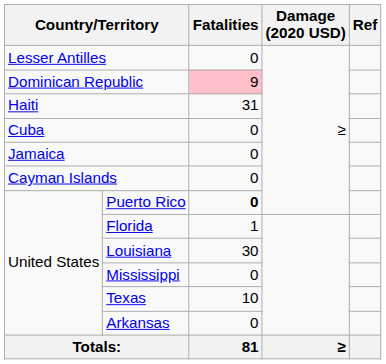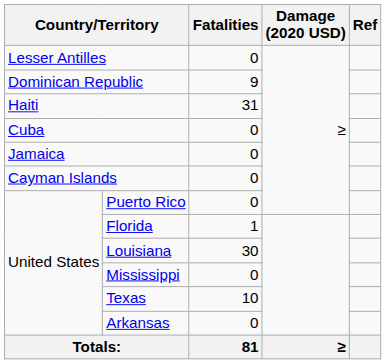 <table class="wikitable sortable floatright">
 <tr>
 <th colspan="2">Country/Territory</th>
 <th>Fatalities</th>
 <th>Damage<br>(2020 USD)</th>
 <th class="unsortable">Ref</th>
 </tr>
 <tr style="text-align:right;">
 <td colspan="2" scope="row" style="text-align: left;"><a href='#'>Lesser Antilles</a></td>
 <td>0</td>
 <td rowspan=7>≥</td>
 <td></td>
 </tr>
 <tr style="text-align:right;">
 <td colspan="2" scope="row" style="text-align: left;"><a href='#'>Dominican Republic</a></td>
-<td style="background: pink;">9</td>
+<td>9</td>
 <td></td>
 </tr>
 <tr style="text-align:right;">
 <td colspan="2" scope="row" style="text-align: left;"><a href='#'>Haiti</a></td>
 <td>31</td>
 <td></td>
 </tr>
 <tr style="text-align:right;">
 <td colspan="2" scope="row" style="text-align: left;"><a href='#'>Cuba</a></td>
 <td>0</td>
 <td></td>
 </tr>
 <tr style="text-align:right;">
 <td colspan="2" scope="row" style="text-align: left;"><a href='#'>Jamaica</a></td>
 <td>0</td>
 <td></td>
 </tr>
 <tr style="text-align:right;">
 <td colspan="2" scope="row" style="text-align: left;"><a href='#'>Cayman Islands</a></td>
 <td>0</td>
 <td></td>
 </tr>
 <tr style="text-align:right;">
 <td rowspan="6" scope="row" style="text-align: left;">United States</td>
 <td scope="row" style="text-align: left;"><a href='#'>Puerto Rico</a></td>
-<td><strong>0</strong></td>
+<td>0</td>
 <td></td>
 </tr>
 <tr style="text-align:right;">
 <td scope="row" style="text-align: left;"><a href='#'>Florida</a></td>
 <td>1</td>
 <td rowspan=5></td>
 <td></td>
 </tr>
 <tr style="text-align:right;">
 <td scope="row" style="text-align: left;"><a href='#'>Louisiana</a></td>
 <td>30</td>
 <td></td>
 </tr>
 <tr style="text-align:right;">
 <td scope="row" style="text-align: left;"><a href='#'>Mississippi</a></td>
 <td>0</td>
 <td></td>
 </tr>
 <tr style="text-align:right;">
 <td scope="row" style="text-align: left;"><a href='#'>Texas</a></td>
 <td>10</td>
 <td></td>
 </tr>
 <tr style="text-align:right;">
 <td scope="row" style="text-align: left;"><a href='#'>Arkansas</a></td>
 <td>0</td>
 <td></td>
 </tr>
 <tr class="sortbottom">
 <th colspan="2" scope="row" style="text-align: lefit;">Totals:</th>
 <th style="text-align:right;">81</th>
 <th style="text-align:right;">≥</th>
 <th></th>
 </tr>
 </table>
